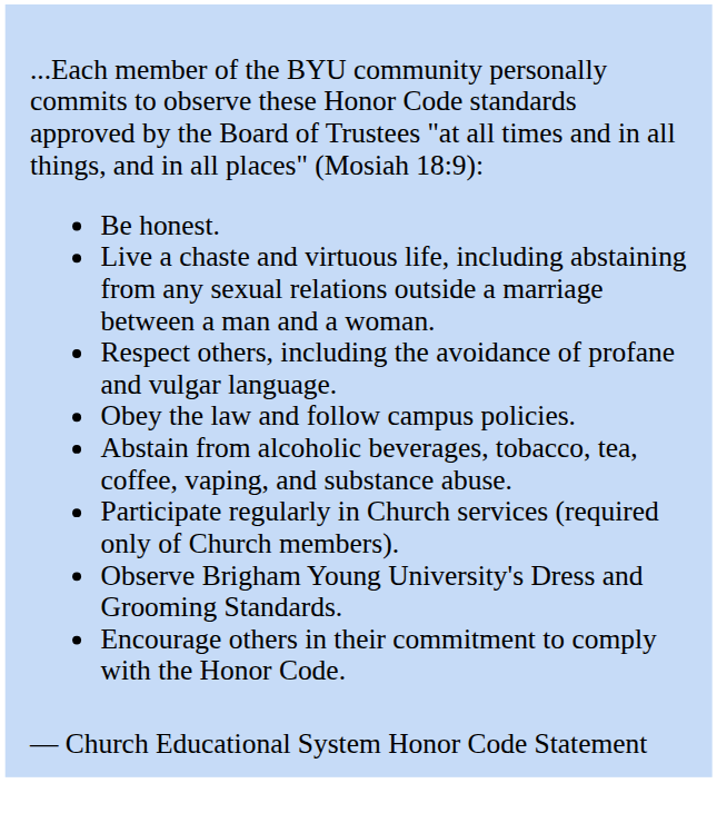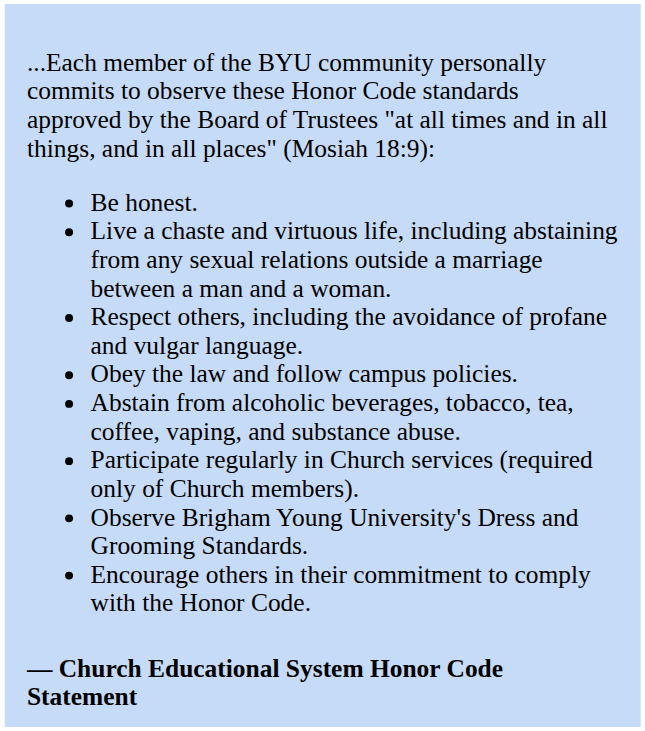 <table class="toccolours" style="float: right; margin-left: 1em; margin-right: 2em; padding: 4px 8px; background:#c6dbf7; color:black; width:30em; max-width: 400px;" cellspacing="5">
 <tr>
 <td style="text-align: left;"><br>...Each member of the BYU community personally commits to observe these Honor Code standards approved by the Board of Trustees "at all times and in all things, and in all places" (Mosiah 18:9):<ul><li>Be honest.</li><li>Live a chaste and virtuous life, including abstaining from any sexual relations outside a marriage between a man and a woman.</li><li>Respect others, including the avoidance of profane and vulgar language.</li><li>Obey the law and follow campus policies.</li><li>Abstain from alcoholic beverages, tobacco, tea, coffee, vaping, and substance abuse.</li><li>Participate regularly in Church services (required only of Church members).</li><li>Observe Brigham Young University's Dress and Grooming Standards.</li><li>Encourage others in their commitment to comply with the Honor Code.</li></ul></td>
 </tr>
 <tr>
-<td style="text-align: left;">— Church Educational System Honor Code Statement</td>
+<td style="text-align: left;"><strong>— Church Educational System Honor Code Statement</strong></td>
 </tr>
 </table>
